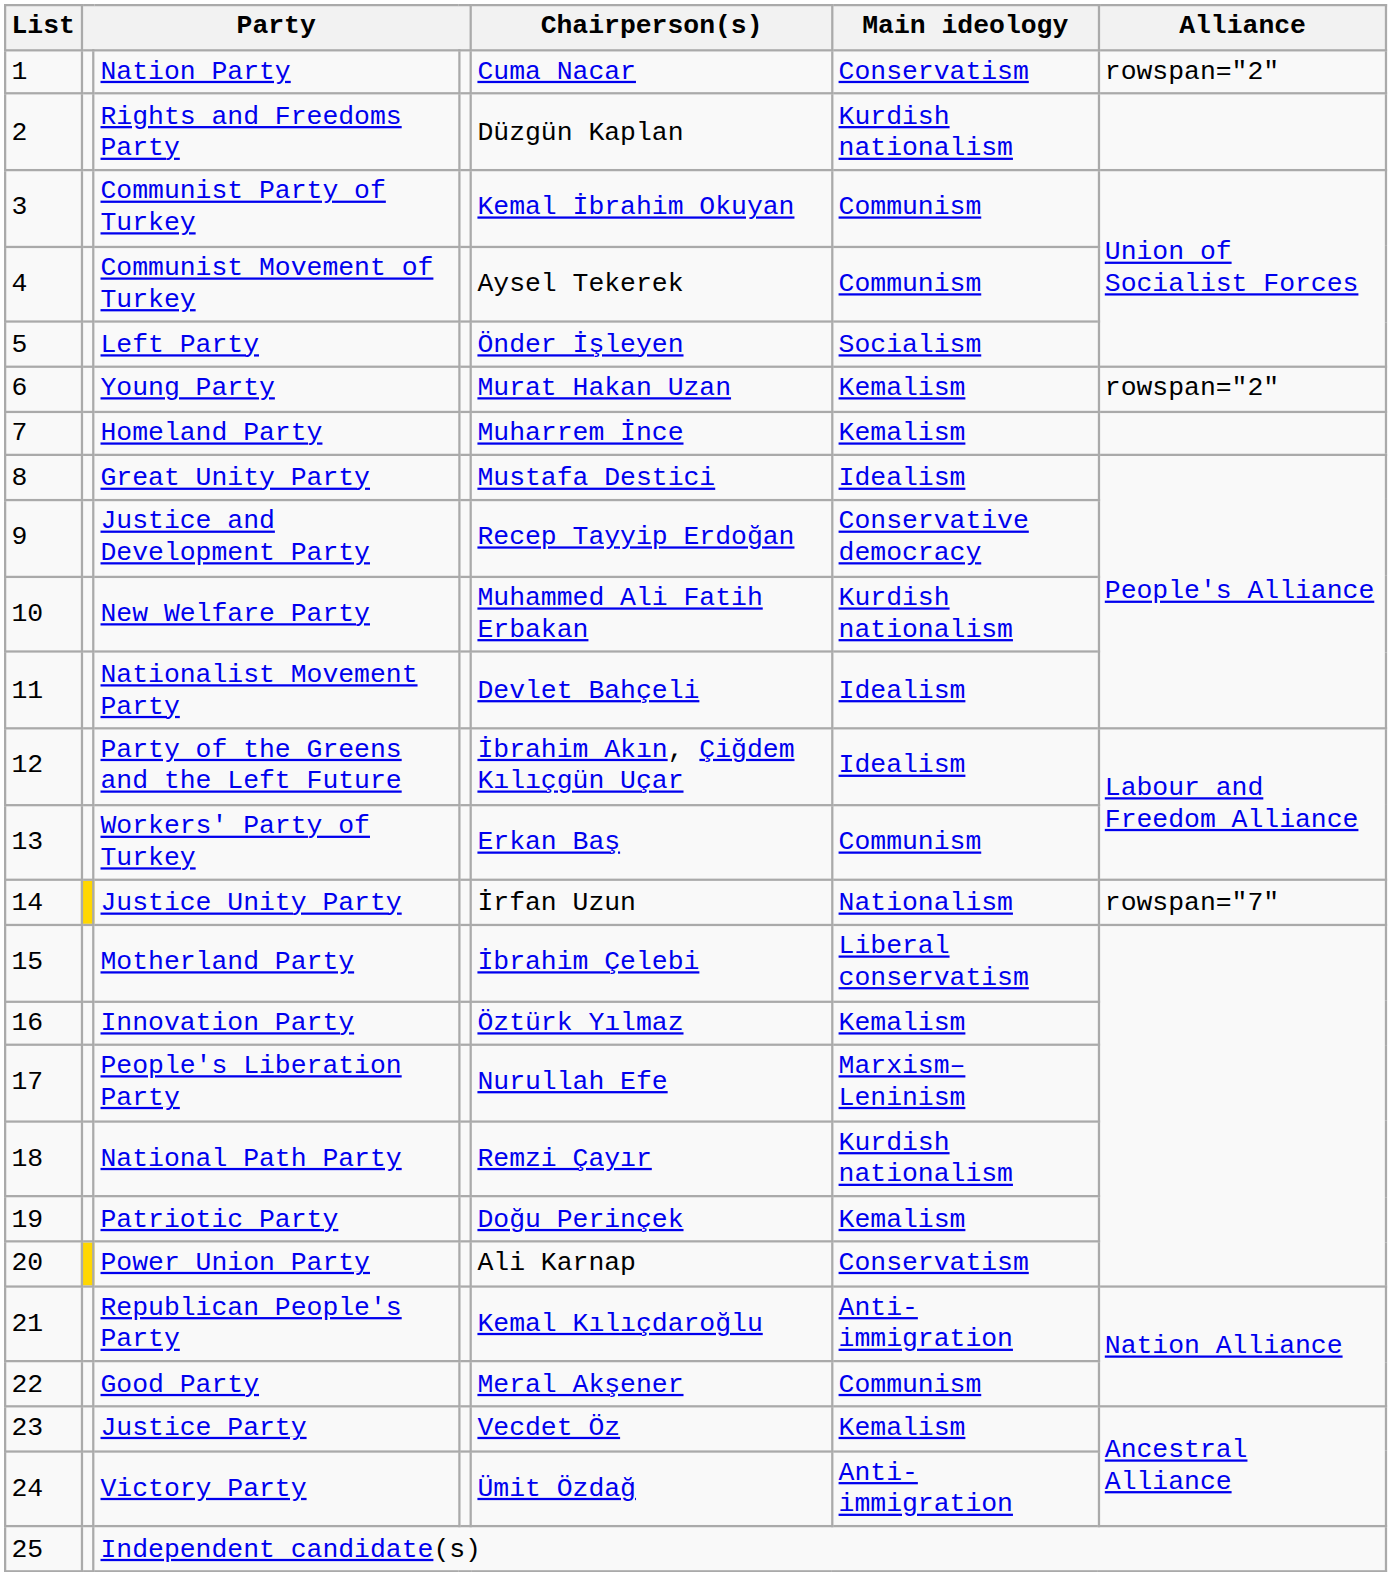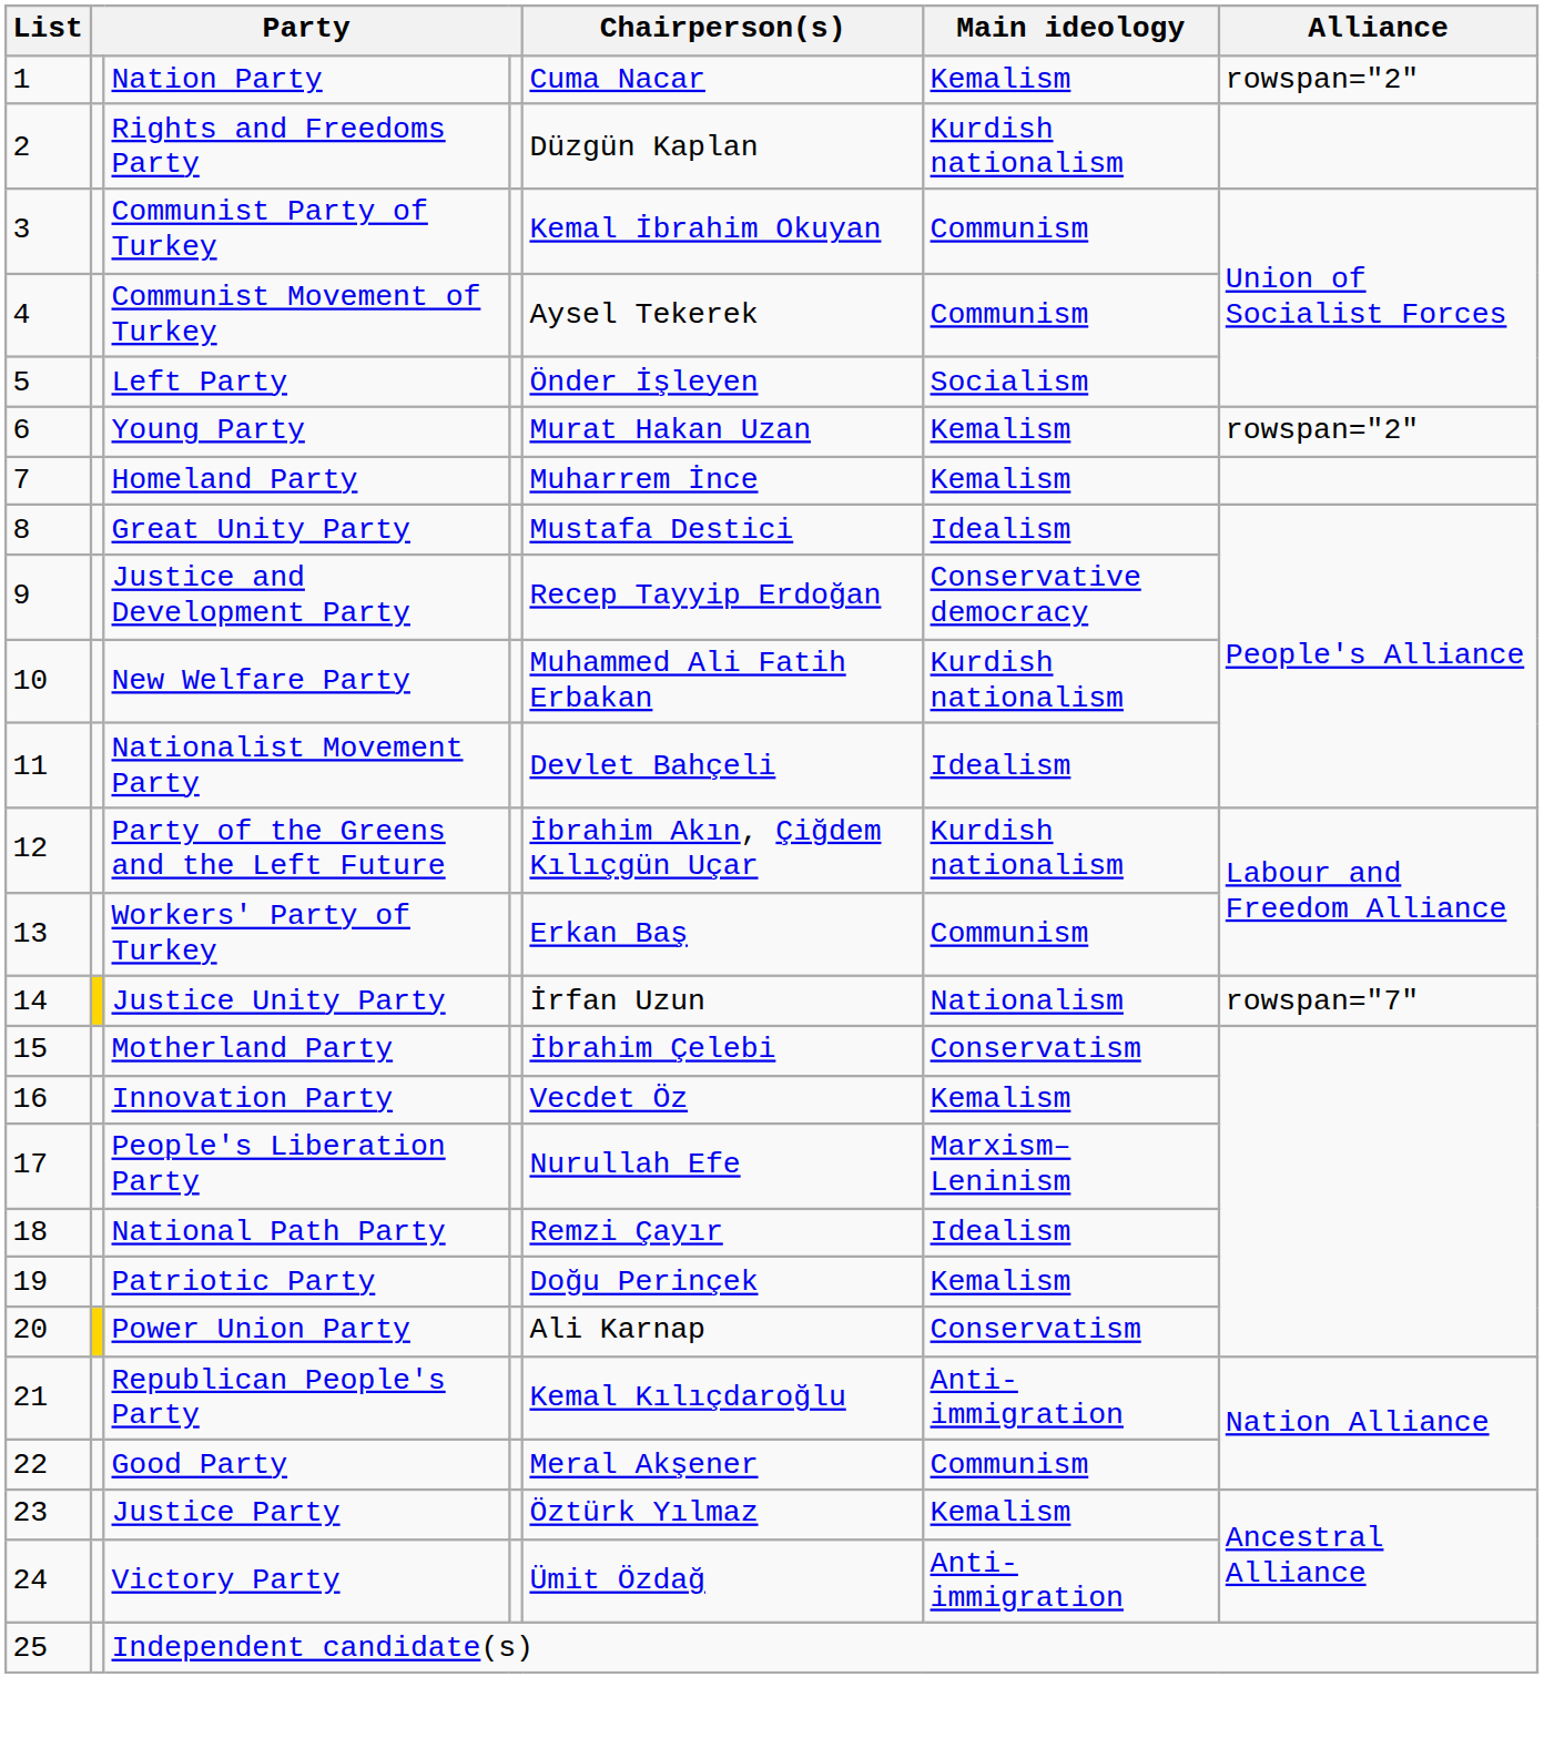 <table class="wikitable mw-uncollapsed" style="text-align:left; font-size:90%">
 <tr>
 <th>List</th>
 <th colspan="3">Party</th>
 <th>Chairperson(s)</th>
 <th>Main ideology</th>
 <th>Alliance</th>
 </tr>
 <tr>
 <td>1</td>
 <td style="background:"></td>
 <td><a href='#'>Nation Party</a></td>
 <td></td>
 <td><a href='#'>Cuma Nacar</a></td>
-<td><a href='#'>Conservatism</a></td>
+<td><a href='#'>Kemalism</a></td>
 <td>rowspan="2" </td>
 </tr>
 <tr>
 <td>2</td>
 <td style="background:"></td>
 <td><a href='#'>Rights and Freedoms Party</a></td>
 <td></td>
 <td>Düzgün Kaplan</td>
 <td><a href='#'>Kurdish nationalism</a></td>
 </tr>
 <tr>
 <td>3</td>
 <td style="background:"></td>
 <td><a href='#'>Communist Party of Turkey</a></td>
 <td></td>
 <td><a href='#'>Kemal İbrahim Okuyan</a></td>
 <td><a href='#'>Communism</a></td>
 <td rowspan="3"><a href='#'>Union of Socialist Forces</a></td>
 </tr>
 <tr>
 <td>4</td>
 <td style="background:"></td>
 <td><a href='#'>Communist Movement of Turkey</a></td>
 <td></td>
 <td>Aysel Tekerek</td>
 <td><a href='#'>Communism</a></td>
 </tr>
 <tr>
 <td>5</td>
 <td style="background:"></td>
 <td><a href='#'>Left Party</a></td>
 <td></td>
 <td><a href='#'>Önder İşleyen</a></td>
 <td><a href='#'>Socialism</a></td>
 </tr>
 <tr>
 <td>6</td>
 <td style="background:"></td>
 <td><a href='#'>Young Party</a></td>
 <td></td>
 <td><a href='#'>Murat Hakan Uzan</a></td>
 <td><a href='#'>Kemalism</a></td>
 <td>rowspan="2" </td>
 </tr>
 <tr>
 <td>7</td>
 <td style="background:"></td>
 <td><a href='#'>Homeland Party</a></td>
 <td></td>
 <td><a href='#'>Muharrem İnce</a></td>
 <td><a href='#'>Kemalism</a></td>
 </tr>
 <tr>
 <td>8</td>
 <td style="background:"></td>
 <td><a href='#'>Great Unity Party</a></td>
 <td></td>
 <td><a href='#'>Mustafa Destici</a></td>
 <td><a href='#'>Idealism</a></td>
 <td rowspan="4"><a href='#'>People's Alliance</a></td>
 </tr>
 <tr>
 <td>9</td>
 <td style="background:"></td>
 <td><a href='#'>Justice and Development Party</a></td>
 <td></td>
 <td><a href='#'>Recep Tayyip Erdoğan</a></td>
 <td><a href='#'>Conservative democracy</a></td>
 </tr>
 <tr>
 <td>10</td>
 <td style="background:"></td>
 <td><a href='#'>New Welfare Party</a></td>
 <td></td>
 <td><a href='#'>Muhammed Ali Fatih Erbakan</a></td>
 <td><a href='#'>Kurdish nationalism</a></td>
 </tr>
 <tr>
 <td>11</td>
 <td style="background:"></td>
 <td><a href='#'>Nationalist Movement Party</a></td>
 <td></td>
 <td><a href='#'>Devlet Bahçeli</a></td>
 <td><a href='#'>Idealism</a></td>
 </tr>
 <tr>
 <td>12</td>
 <td style="background:"></td>
 <td><a href='#'>Party of the Greens and the Left Future</a></td>
 <td></td>
 <td><a href='#'>İbrahim Akın</a>, <a href='#'>Çiğdem Kılıçgün Uçar</a></td>
-<td><a href='#'>Idealism</a></td>
+<td><a href='#'>Kurdish nationalism</a></td>
 <td rowspan="2"><a href='#'>Labour and Freedom Alliance</a></td>
 </tr>
 <tr>
 <td>13</td>
 <td style="background:"></td>
 <td><a href='#'>Workers' Party of Turkey</a></td>
 <td></td>
 <td><a href='#'>Erkan Baş</a></td>
 <td><a href='#'>Communism</a></td>
 </tr>
 <tr>
 <td>14</td>
 <td style="background-color:#FFD700"></td>
 <td><a href='#'>Justice Unity Party</a></td>
 <td></td>
 <td>İrfan Uzun</td>
 <td><a href='#'>Nationalism</a></td>
 <td>rowspan="7" </td>
 </tr>
 <tr>
 <td>15</td>
 <td style="background:"></td>
 <td><a href='#'>Motherland Party</a></td>
 <td></td>
 <td><a href='#'>İbrahim Çelebi</a></td>
-<td><a href='#'>Liberal conservatism</a></td>
+<td><a href='#'>Conservatism</a></td>
 </tr>
 <tr>
 <td>16</td>
 <td style="background:"></td>
 <td><a href='#'>Innovation Party</a></td>
 <td></td>
-<td><a href='#'>Öztürk Yılmaz</a></td>
+<td><a href='#'>Vecdet Öz</a></td>
 <td><a href='#'>Kemalism</a></td>
 </tr>
 <tr>
 <td>17</td>
 <td style="background:"></td>
 <td><a href='#'>People's Liberation Party</a></td>
 <td></td>
 <td><a href='#'>Nurullah Efe</a></td>
 <td><a href='#'>Marxism–Leninism</a></td>
 </tr>
 <tr>
 <td>18</td>
 <td style="background:"></td>
 <td><a href='#'>National Path Party</a></td>
 <td></td>
 <td><a href='#'>Remzi Çayır</a></td>
-<td><a href='#'>Kurdish nationalism</a></td>
+<td><a href='#'>Idealism</a></td>
 </tr>
 <tr>
 <td>19</td>
 <td style="background:"></td>
 <td><a href='#'>Patriotic Party</a></td>
 <td></td>
 <td><a href='#'>Doğu Perinçek</a></td>
 <td><a href='#'>Kemalism</a></td>
 </tr>
 <tr>
 <td>20</td>
 <td style="background:#FFD700;"></td>
 <td><a href='#'>Power Union Party</a></td>
 <td></td>
 <td>Ali Karnap</td>
 <td><a href='#'>Conservatism</a></td>
 </tr>
 <tr>
 <td>21</td>
 <td style="background:"></td>
 <td><a href='#'>Republican People's Party</a></td>
 <td></td>
 <td><a href='#'>Kemal Kılıçdaroğlu</a></td>
 <td><a href='#'>Anti-immigration</a></td>
 <td rowspan="2"><a href='#'>Nation Alliance</a></td>
 </tr>
 <tr>
 <td>22</td>
 <td style="background:"></td>
 <td><a href='#'>Good Party</a></td>
 <td></td>
 <td><a href='#'>Meral Akşener</a></td>
 <td><a href='#'>Communism</a></td>
 </tr>
 <tr>
 <td>23</td>
 <td style="background:"></td>
 <td><a href='#'>Justice Party</a></td>
 <td></td>
-<td><a href='#'>Vecdet Öz</a></td>
+<td><a href='#'>Öztürk Yılmaz</a></td>
 <td><a href='#'>Kemalism</a></td>
 <td rowspan="2"><a href='#'>Ancestral Alliance</a></td>
 </tr>
 <tr>
 <td>24</td>
 <td style="background:"></td>
 <td><a href='#'>Victory Party</a></td>
 <td></td>
 <td><a href='#'>Ümit Özdağ</a></td>
 <td><a href='#'>Anti-immigration</a></td>
 </tr>
 <tr>
 <td>25</td>
 <td style="background:"></td>
 <td colspan="5"><a href='#'>Independent candidate</a>(s)</td>
 </tr>
 </table>
